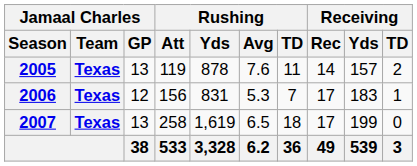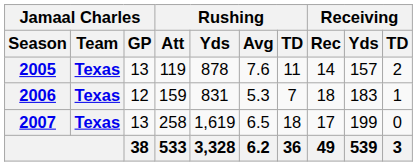 <table class="wikitable" style="text-align:center;">
 <tr>
 <th colspan="3">Jamaal Charles</th>
 <th colspan="4">Rushing</th>
 <th colspan="3">Receiving</th>
 </tr>
 <tr>
 <th>Season</th>
 <th>Team</th>
 <th>GP</th>
 <th>Att</th>
 <th>Yds</th>
 <th>Avg</th>
 <th>TD</th>
 <th>Rec</th>
 <th>Yds</th>
 <th>TD</th>
 </tr>
 <tr>
 <th><a href='#'>2005</a></th>
 <th><a href='#'>Texas</a></th>
 <td>13</td>
 <td>119</td>
 <td>878</td>
 <td>7.6</td>
 <td>11</td>
 <td>14</td>
 <td>157</td>
 <td>2</td>
 </tr>
 <tr>
 <th><a href='#'>2006</a></th>
 <th><a href='#'>Texas</a></th>
 <td>12</td>
-<td>156</td>
+<td>159</td>
 <td>831</td>
 <td>5.3</td>
 <td>7</td>
-<td>17</td>
+<td>18</td>
 <td>183</td>
 <td>1</td>
 </tr>
 <tr>
 <th><a href='#'>2007</a></th>
 <th><a href='#'>Texas</a></th>
 <td>13</td>
 <td>258</td>
 <td>1,619</td>
 <td>6.5</td>
 <td>18</td>
 <td>17</td>
 <td>199</td>
 <td>0</td>
 </tr>
 <tr>
 <th colspan="2"></th>
 <th>38</th>
 <th>533</th>
 <th>3,328</th>
 <th>6.2</th>
 <th>36</th>
 <th>49</th>
 <th>539</th>
 <th>3</th>
 </tr>
 </table>
